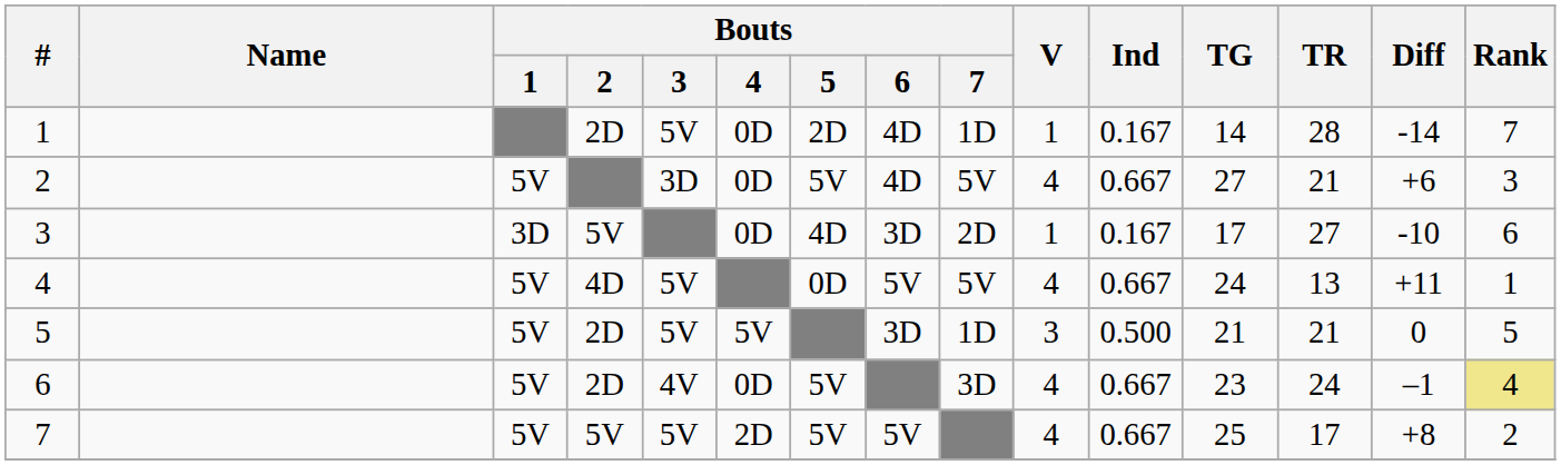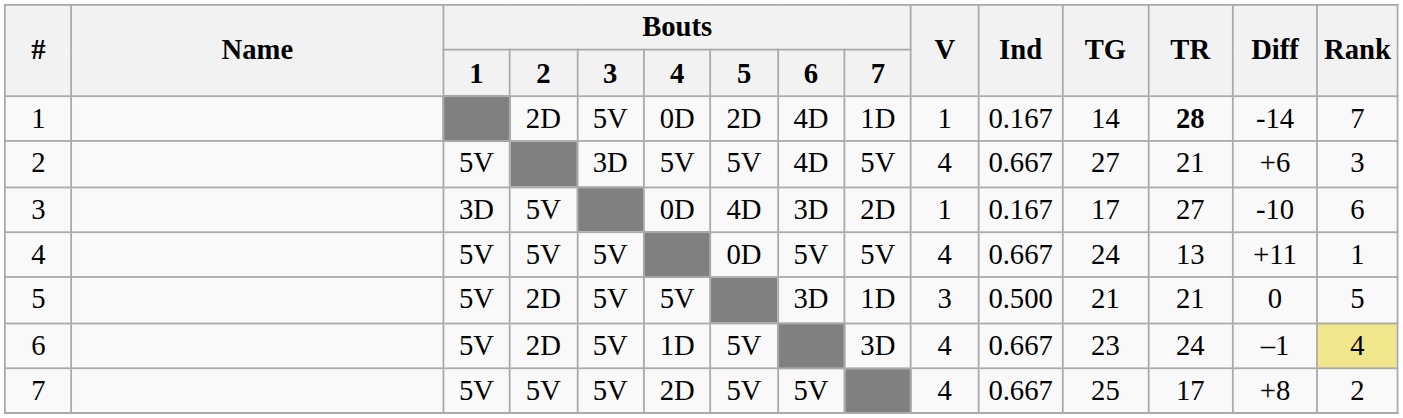 <table class="wikitable" style="text-align:center;">
 <tr>
 <th rowspan=2 width=30>#</th>
 <th rowspan=2 width=200>Name</th>
 <th colspan=7>Bouts</th>
 <th rowspan=2 width=30>V</th>
 <th rowspan=2 width=40>Ind</th>
 <th rowspan=2 width=40>TG</th>
 <th rowspan=2 width=40>TR</th>
 <th rowspan=2 width=40>Diff</th>
 <th rowspan=2 width=30>Rank</th>
 </tr>
 <tr>
 <th width=30>1</th>
 <th width=30>2</th>
 <th width=30>3</th>
 <th width=30>4</th>
 <th width=30>5</th>
 <th width=30>6</th>
 <th width=30>7</th>
 </tr>
 <tr>
 <td>1</td>
 <td align=left></td>
 <td bgcolor=grey></td>
 <td>2D</td>
 <td>5V</td>
 <td>0D</td>
 <td>2D</td>
 <td>4D</td>
 <td>1D</td>
 <td>1</td>
 <td>0.167</td>
 <td>14</td>
-<td>28</td>
+<td><strong>28</strong></td>
 <td>-14</td>
 <td>7</td>
 </tr>
 <tr>
 <td>2</td>
 <td align=left></td>
 <td>5V</td>
 <td bgcolor=grey></td>
 <td>3D</td>
-<td>0D</td>
+<td>5V</td>
 <td>5V</td>
 <td>4D</td>
 <td>5V</td>
 <td>4</td>
 <td>0.667</td>
 <td>27</td>
 <td>21</td>
 <td>+6</td>
 <td>3</td>
 </tr>
 <tr>
 <td>3</td>
 <td align=left></td>
 <td>3D</td>
 <td>5V</td>
 <td bgcolor=grey></td>
 <td>0D</td>
 <td>4D</td>
 <td>3D</td>
 <td>2D</td>
 <td>1</td>
 <td>0.167</td>
 <td>17</td>
 <td>27</td>
 <td>-10</td>
 <td>6</td>
 </tr>
 <tr>
 <td>4</td>
 <td align=left></td>
 <td>5V</td>
-<td>4D</td>
+<td>5V</td>
 <td>5V</td>
 <td bgcolor=grey></td>
 <td>0D</td>
 <td>5V</td>
 <td>5V</td>
 <td>4</td>
 <td>0.667</td>
 <td>24</td>
 <td>13</td>
 <td>+11</td>
 <td>1</td>
 </tr>
 <tr>
 <td>5</td>
 <td align=left></td>
 <td>5V</td>
 <td>2D</td>
 <td>5V</td>
 <td>5V</td>
 <td bgcolor=grey></td>
 <td>3D</td>
 <td>1D</td>
 <td>3</td>
 <td>0.500</td>
 <td>21</td>
 <td>21</td>
 <td>0</td>
 <td>5</td>
 </tr>
 <tr>
 <td>6</td>
 <td align=left></td>
 <td>5V</td>
 <td>2D</td>
-<td>4V</td>
-<td>0D</td>
+<td>5V</td>
+<td>1D</td>
 <td>5V</td>
 <td bgcolor=grey></td>
 <td>3D</td>
 <td>4</td>
 <td>0.667</td>
 <td>23</td>
 <td>24</td>
 <td>–1</td>
 <td style="background: khaki;">4</td>
 </tr>
 <tr>
 <td>7</td>
 <td align=left></td>
 <td>5V</td>
 <td>5V</td>
 <td>5V</td>
 <td>2D</td>
 <td>5V</td>
 <td>5V</td>
 <td bgcolor=grey></td>
 <td>4</td>
 <td>0.667</td>
 <td>25</td>
 <td>17</td>
 <td>+8</td>
 <td>2</td>
 </tr>
 <tr>
 </tr>
 </table>
